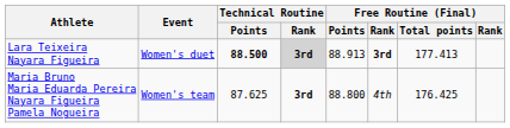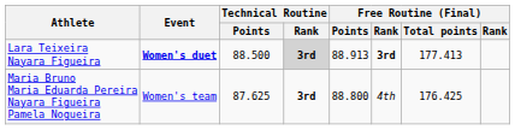 <table class=wikitable style="font-size:90%">
 <tr>
 <th rowspan="2">Athlete</th>
 <th rowspan="2">Event</th>
 <th colspan="2">Technical Routine</th>
 <th colspan="4">Free Routine (Final)</th>
 </tr>
 <tr>
 <th>Points</th>
 <th>Rank</th>
 <th>Points</th>
 <th>Rank</th>
 <th>Total points</th>
 <th>Rank</th>
 </tr>
 <tr>
 <td><a href='#'>Lara Teixeira</a><br><a href='#'>Nayara Figueira</a></td>
-<td><a href='#'>Women's duet</a></td>
-<td align=center><strong>88.500</strong></td>
+<td><strong><a href='#'>Women's duet</a></strong></td>
+<td align=center>88.500</td>
 <td align=center style="background: lightgrey;"><strong>3rd</strong></td>
 <td align=center>88.913</td>
 <td align=center><strong>3rd</strong></td>
 <td align=center>177.413</td>
 <td align=center></td>
 </tr>
 <tr>
 <td><a href='#'>Maria Bruno</a><br><a href='#'>Maria Eduarda Pereira</a><br><a href='#'>Nayara Figueira</a><br><a href='#'>Pamela Nogueira</a></td>
 <td><a href='#'>Women's team</a></td>
 <td align=center>87.625</td>
 <td align=center><strong>3rd</strong></td>
 <td align=center>88.800</td>
 <td align=center><em>4th<strong></td>
 <td align=center>176.425</td>
 <td align=center></td>
 </tr>
 </table>
